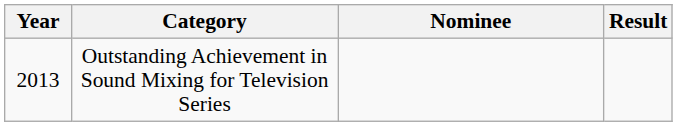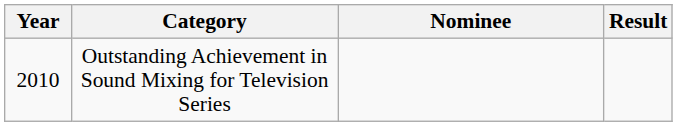 <table class="wikitable" width="80%">
 <tr>
 <th width="10%">Year</th>
 <th width="40%">Category</th>
 <th width="40%">Nominee</th>
 <th width="10%">Result</th>
 </tr>
 <tr>
-<td align="center">2013</td>
+<td align="center">2010</td>
 <td align="center">Outstanding Achievement in Sound Mixing for Television Series</td>
 <td align="center"></td>
 <td></td>
 </tr>
 </table>
